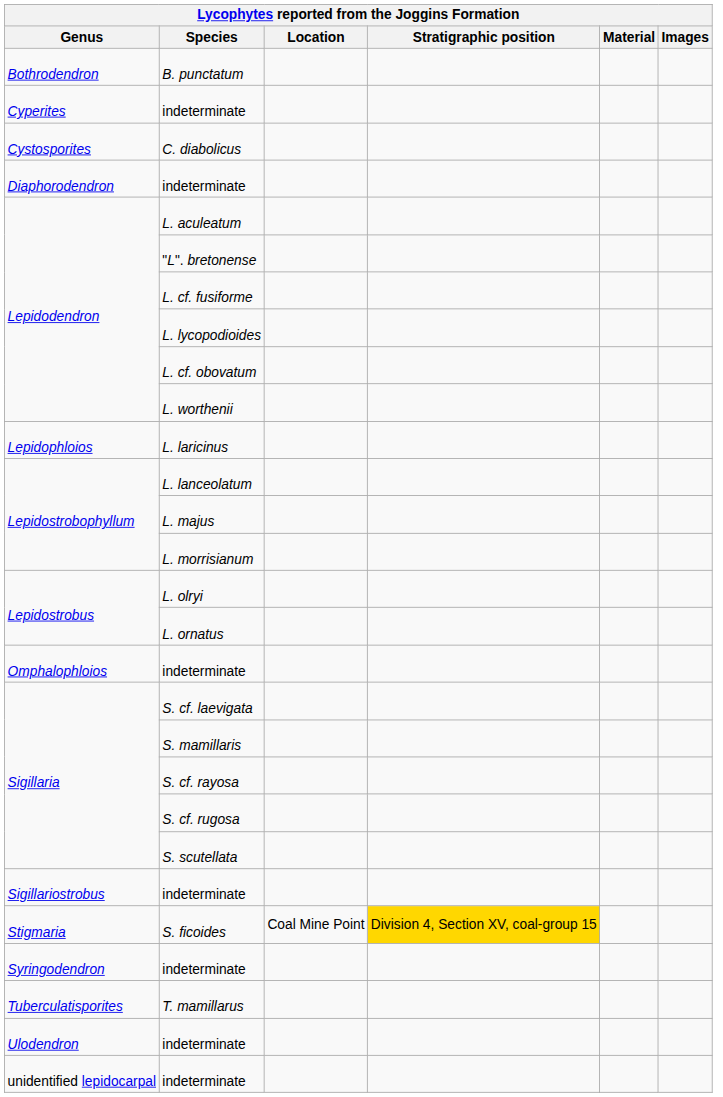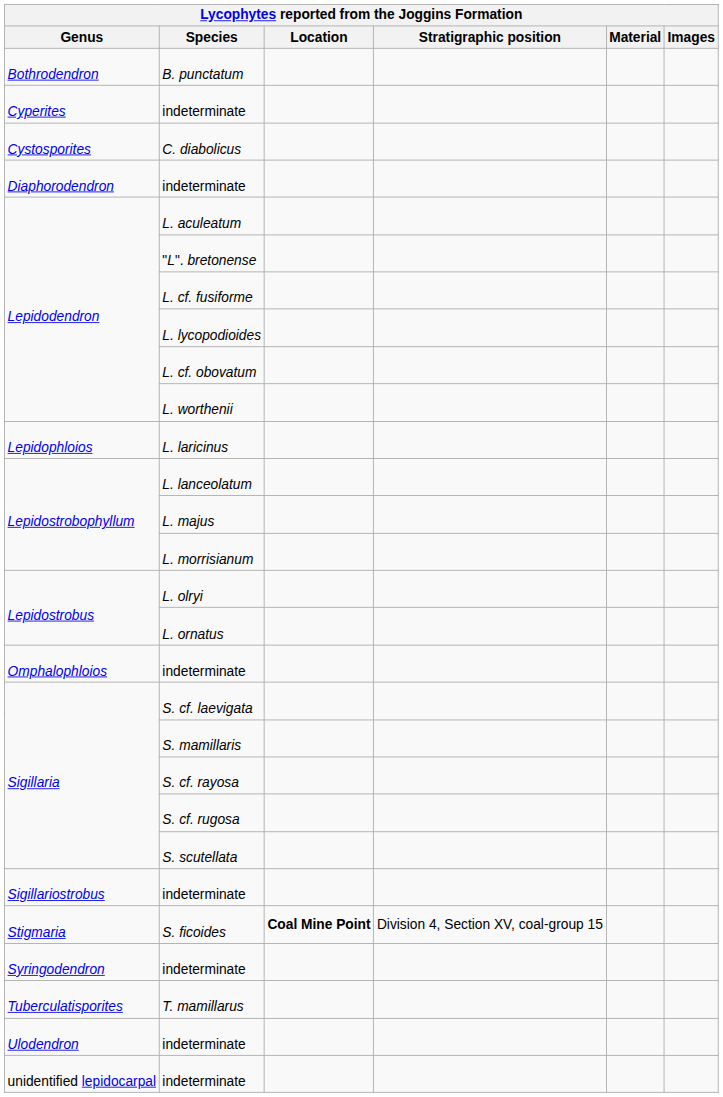 <table class="wikitable sortable mw-collapsible">
 <tr>
 <th colspan="7" style="text-align:center;"><strong><a href='#'>Lycophytes</a> reported from the Joggins Formation</strong></th>
 </tr>
 <tr>
 <th>Genus</th>
 <th>Species</th>
 <th>Location</th>
 <th>Stratigraphic position</th>
 <th>Material</th>
 <th>Images</th>
 </tr>
 <tr>
 <td rowspan="1"><br><em><a href='#'>Bothrodendron</a></em></td>
 <td><br><em>B. punctatum</em></td>
 <td></td>
 <td></td>
 <td></td>
 <td></td>
 </tr>
 <tr>
 <td rowspan="1"><br><em><a href='#'>Cyperites</a></em></td>
 <td><br>indeterminate</td>
 <td></td>
 <td></td>
 <td></td>
 <td></td>
 </tr>
 <tr>
 <td rowspan="1"><br><em><a href='#'>Cystosporites</a></em></td>
 <td><br><em>C. diabolicus</em></td>
 <td></td>
 <td></td>
 <td></td>
 <td></td>
 </tr>
 <tr>
 <td rowspan="1"><br><em><a href='#'>Diaphorodendron</a></em></td>
 <td><br>indeterminate</td>
 <td></td>
 <td></td>
 <td></td>
 <td></td>
 </tr>
 <tr>
 <td rowspan="6"><br><em><a href='#'>Lepidodendron</a></em></td>
 <td><br><em>L. aculeatum</em></td>
 <td></td>
 <td></td>
 <td></td>
 <td></td>
 </tr>
 <tr>
 <td><br>"<em>L</em>". <em>bretonense</em></td>
 <td></td>
 <td></td>
 <td></td>
 <td></td>
 </tr>
 <tr>
 <td><br><em>L. cf. fusiforme</em></td>
 <td></td>
 <td></td>
 <td></td>
 <td></td>
 </tr>
 <tr>
 <td><br><em>L. lycopodioides</em></td>
 <td></td>
 <td></td>
 <td></td>
 <td></td>
 </tr>
 <tr>
 <td><br><em>L. cf. obovatum</em></td>
 <td></td>
 <td></td>
 <td></td>
 <td></td>
 </tr>
 <tr>
 <td><br><em>L. worthenii</em></td>
 <td></td>
 <td></td>
 <td></td>
 <td></td>
 </tr>
 <tr>
 <td rowspan="1"><br><em><a href='#'>Lepidophloios</a></em></td>
 <td><br><em>L. laricinus</em></td>
 <td></td>
 <td></td>
 <td></td>
 <td></td>
 </tr>
 <tr>
 <td rowspan="3"><br><em><a href='#'>Lepidostrobophyllum</a></em></td>
 <td><br><em>L. lanceolatum</em></td>
 <td></td>
 <td></td>
 <td></td>
 <td></td>
 </tr>
 <tr>
 <td><br><em>L. majus</em></td>
 <td></td>
 <td></td>
 <td></td>
 <td></td>
 </tr>
 <tr>
 <td><br><em>L. morrisianum</em></td>
 <td></td>
 <td></td>
 <td></td>
 <td></td>
 </tr>
 <tr>
 <td rowspan="2"><br><em><a href='#'>Lepidostrobus</a></em></td>
 <td><br><em>L. olryi</em></td>
 <td></td>
 <td></td>
 <td></td>
 <td></td>
 </tr>
 <tr>
 <td><br><em>L. ornatus</em></td>
 <td></td>
 <td></td>
 <td></td>
 <td></td>
 </tr>
 <tr>
 <td rowspan="1"><br><em><a href='#'>Omphalophloios</a></em></td>
 <td><br>indeterminate</td>
 <td></td>
 <td></td>
 <td></td>
 <td></td>
 </tr>
 <tr>
 <td rowspan="5"><br><em><a href='#'>Sigillaria</a></em></td>
 <td><br><em>S. cf. laevigata</em></td>
 <td></td>
 <td></td>
 <td></td>
 <td></td>
 </tr>
 <tr>
 <td><br><em>S. mamillaris</em></td>
 <td></td>
 <td></td>
 <td></td>
 <td></td>
 </tr>
 <tr>
 <td><br><em>S. cf. rayosa</em></td>
 <td></td>
 <td></td>
 <td></td>
 <td></td>
 </tr>
 <tr>
 <td><br><em>S. cf. rugosa</em></td>
 <td></td>
 <td></td>
 <td></td>
 <td></td>
 </tr>
 <tr>
 <td><br><em>S. scutellata</em></td>
 <td></td>
 <td></td>
 <td></td>
 <td></td>
 </tr>
 <tr>
 <td rowspan="1"><br><em><a href='#'>Sigillariostrobus</a></em></td>
 <td><br>indeterminate</td>
 <td></td>
 <td></td>
 <td></td>
 <td></td>
 </tr>
 <tr>
 <td rowspan="1"><br><em><a href='#'>Stigmaria</a></em></td>
 <td><br><em>S. ficoides</em></td>
-<td>Coal Mine Point</td>
-<td style="background: gold;">Division 4, Section XV, coal-group 15</td>
+<td><strong>Coal Mine Point</strong></td>
+<td>Division 4, Section XV, coal-group 15</td>
 <td></td>
 <td></td>
 </tr>
 <tr>
 <td rowspan="1"><br><em><a href='#'>Syringodendron</a></em></td>
 <td><br>indeterminate</td>
 <td></td>
 <td></td>
 <td></td>
 <td></td>
 </tr>
 <tr>
 <td rowspan="1"><br><em><a href='#'>Tuberculatisporites</a></em></td>
 <td><br><em>T. mamillarus</em></td>
 <td></td>
 <td></td>
 <td></td>
 <td></td>
 </tr>
 <tr>
 <td rowspan="1"><br><em><a href='#'>Ulodendron</a></em></td>
 <td><br>indeterminate</td>
 <td></td>
 <td></td>
 <td></td>
 <td></td>
 </tr>
 <tr>
 <td rowspan="1"><br>unidentified <a href='#'>lepidocarpal</a></td>
 <td><br>indeterminate</td>
 <td></td>
 <td></td>
 <td></td>
 <td></td>
 </tr>
 </table>
